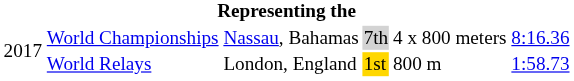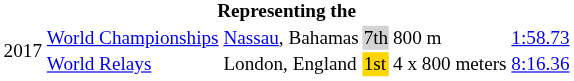 <table>
 <tr>
 <th colspan="7">Representing the </th>
 </tr>
 <tr>
 <td rowspan=2>2017</td>
 <td><a href='#'>World Championships</a></td>
 <td><a href='#'>Nassau</a>, Bahamas</td>
 <td style="background: lightgrey;">7th</td>
-<td>4 x 800 meters</td>
-<td><a href='#'>8:16.36</a></td>
+<td>800 m</td>
+<td><a href='#'>1:58.73</a></td>
 </tr>
 <tr>
 <td><a href='#'>World Relays</a></td>
 <td>London, England</td>
 <td bgcolor=gold>1st</td>
-<td>800 m</td>
-<td><a href='#'>1:58.73</a></td>
+<td>4 x 800 meters</td>
+<td><a href='#'>8:16.36</a></td>
 </tr>
 </table>
